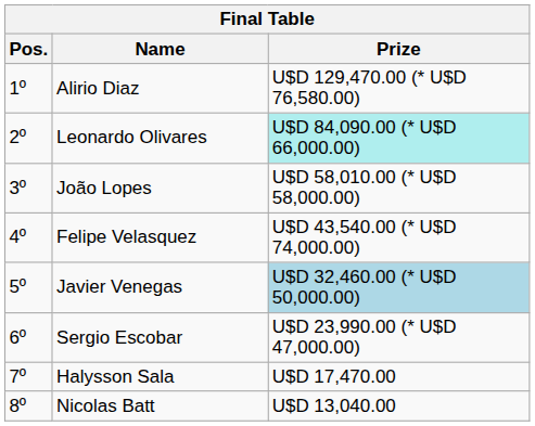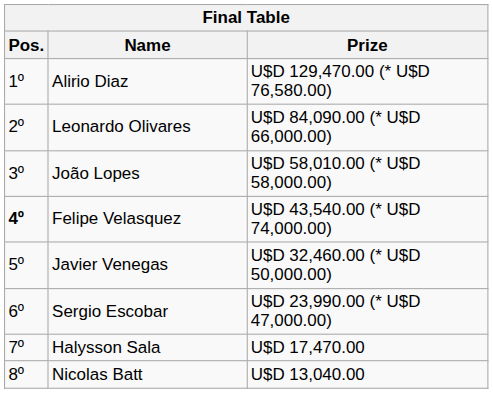 <table class="wikitable">
 <tr>
 <th colspan="3">Final Table</th>
 </tr>
 <tr>
 <th width="30">Pos.</th>
 <th width="180">Name</th>
 <th width="220">Prize</th>
 </tr>
 <tr>
 <td>1º</td>
 <td> Alirio Diaz</td>
 <td>U$D 129,470.00 (* U$D 76,580.00)</td>
 </tr>
 <tr>
 <td>2º</td>
 <td> Leonardo Olivares</td>
-<td style="background: paleturquoise;">U$D 84,090.00 (* U$D 66,000.00)</td>
+<td>U$D 84,090.00 (* U$D 66,000.00)</td>
 </tr>
 <tr>
 <td>3º</td>
 <td> João Lopes</td>
 <td>U$D 58,010.00 (* U$D 58,000.00)</td>
 </tr>
 <tr>
-<td>4º</td>
+<td><strong>4º</strong></td>
 <td> Felipe Velasquez</td>
 <td>U$D 43,540.00 (* U$D 74,000.00)</td>
 </tr>
 <tr>
 <td>5º</td>
 <td> Javier Venegas</td>
-<td style="background: lightblue;">U$D 32,460.00 (* U$D 50,000.00)</td>
+<td>U$D 32,460.00 (* U$D 50,000.00)</td>
 </tr>
 <tr>
 <td>6º</td>
 <td> Sergio Escobar</td>
 <td>U$D 23,990.00 (* U$D 47,000.00)</td>
 </tr>
 <tr>
 <td>7º</td>
 <td> Halysson Sala</td>
 <td>U$D 17,470.00</td>
 </tr>
 <tr>
 <td>8º</td>
 <td> Nicolas Batt</td>
 <td>U$D 13,040.00</td>
 </tr>
 </table>
